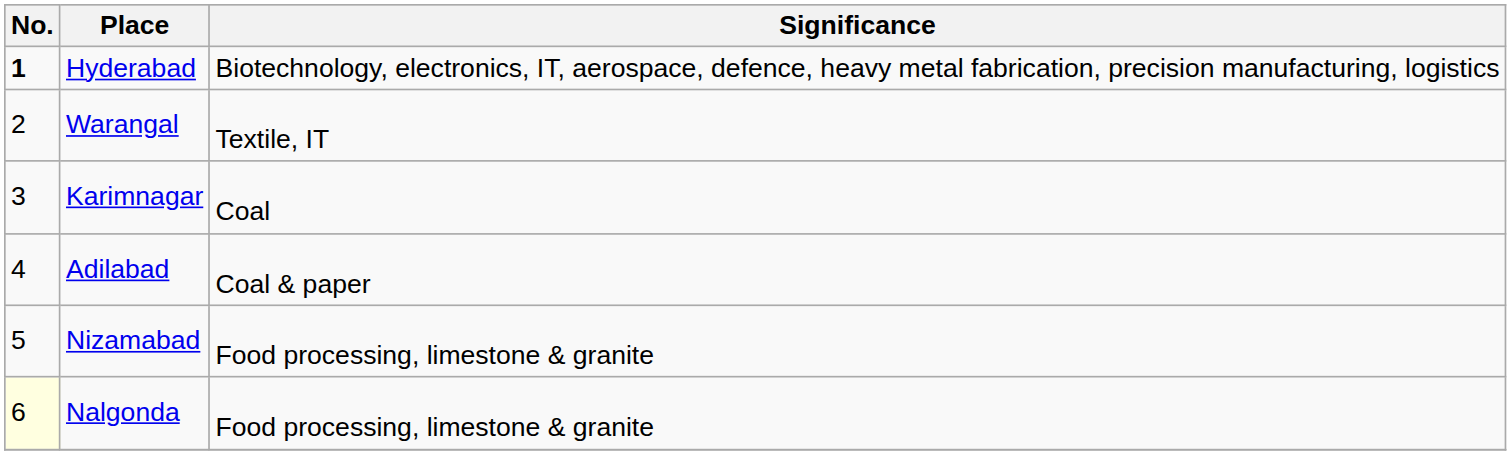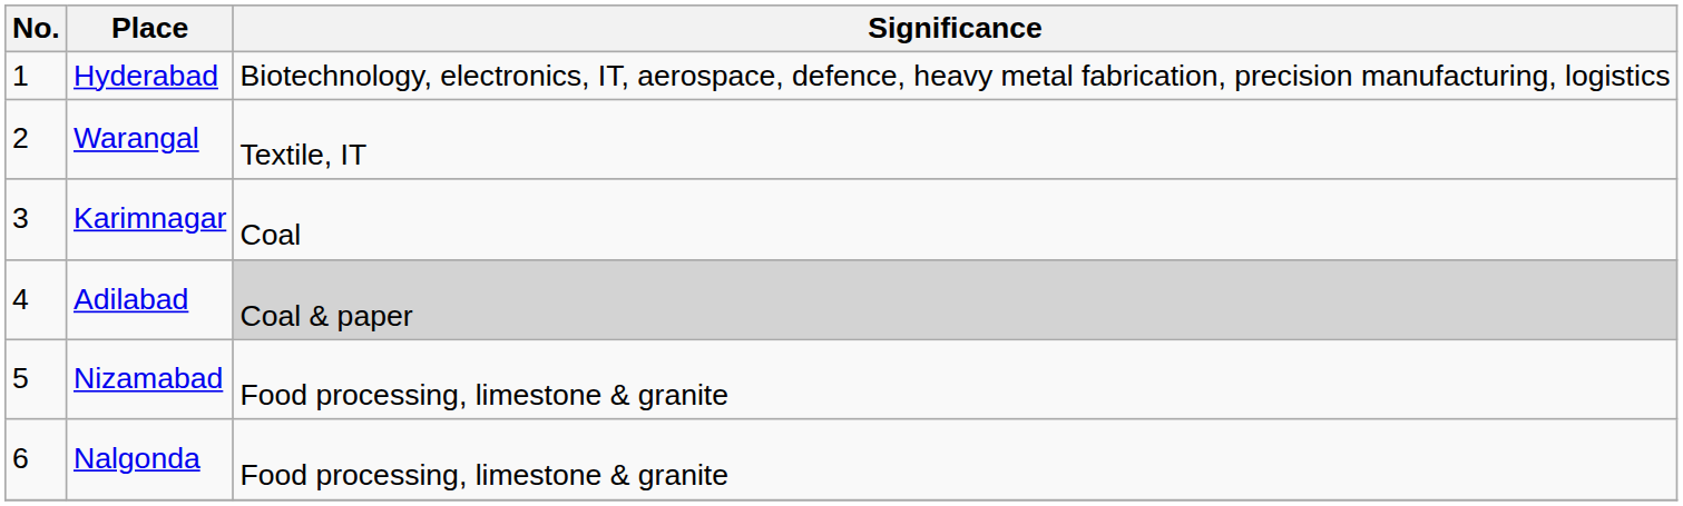 <table class="wikitable sortable">
 <tr>
 <th>No.</th>
 <th>Place</th>
 <th>Significance</th>
 </tr>
 <tr>
-<td><strong>1</strong></td>
+<td>1</td>
 <td><a href='#'>Hyderabad</a></td>
 <td>Biotechnology, electronics, IT, aerospace, defence, heavy metal fabrication, precision manufacturing, logistics</td>
 </tr>
 <tr>
 <td>2</td>
 <td><a href='#'>Warangal</a></td>
 <td><br>Textile, IT</td>
 </tr>
 <tr>
 <td>3</td>
 <td><a href='#'>Karimnagar</a></td>
 <td><br>Coal</td>
 </tr>
 <tr>
 <td>4</td>
 <td><a href='#'>Adilabad</a></td>
-<td><br>Coal & paper</td>
+<td style="background: lightgrey;"><br>Coal & paper</td>
 </tr>
 <tr>
 <td>5</td>
 <td><a href='#'>Nizamabad</a></td>
 <td><br>Food processing, limestone & granite</td>
 </tr>
 <tr>
-<td style="background: lightyellow;">6</td>
+<td>6</td>
 <td><a href='#'>Nalgonda</a></td>
 <td><br>Food processing, limestone & granite</td>
 </tr>
 <tr>
 </tr>
 </table>
